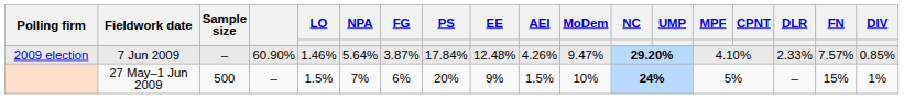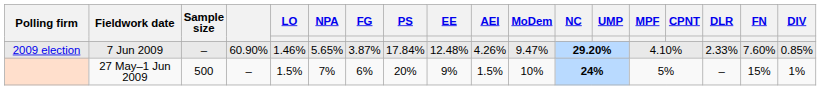 <table class="wikitable sortable" style="text-align:center;font-size:90%;line-height:14px;">
 <tr style="height:40px;">
 <th style="width:100px;" rowspan="2">Polling firm</th>
 <th style="width:110px;" rowspan="2">Fieldwork date</th>
 <th style="width:35px;" rowspan="2">Sample<br>size</th>
 <th style="width:30px;" rowspan="2"></th>
 <th class="unsortable" style="width:40px;"><a href='#'>LO</a></th>
 <th class="unsortable" style="width:40px;"><a href='#'>NPA</a></th>
 <th class="unsortable" style="width:40px;"><a href='#'>FG</a></th>
 <th class="unsortable" style="width:40px;"><a href='#'>PS</a></th>
 <th class="unsortable" style="width:40px;"><a href='#'>EE</a></th>
 <th class="unsortable" style="width:40px;"><a href='#'>AEI</a></th>
 <th class="unsortable" style="width:40px;"><a href='#'>MoDem</a></th>
 <th class="unsortable" style="width:40px;"><a href='#'>NC</a></th>
 <th class="unsortable" style="width:40px;"><a href='#'>UMP</a></th>
 <th class="unsortable" style="width:40px;"><a href='#'>MPF</a></th>
 <th class="unsortable" style="width:40px;"><a href='#'>CPNT</a></th>
 <th class="unsortable" style="width:40px;"><a href='#'>DLR</a></th>
 <th class="unsortable" style="width:40px;"><a href='#'>FN</a></th>
 <th class="unsortable" style="width:40px;"><a href='#'>DIV</a></th>
 </tr>
 <tr>
 <th style="background:"></th>
 <th style="background:"></th>
 <th style="background:"></th>
 <th style="background:"></th>
 <th style="background:"></th>
 <th style="background:"></th>
 <th style="background:"></th>
 <th style="background:"></th>
 <th style="background:"></th>
 <th style="background:"></th>
 <th style="background:"></th>
 <th style="background:"></th>
 <th style="background:"></th>
 <th style="background:"></th>
 </tr>
 <tr style="background:#E9E9E9;">
 <td><a href='#'>2009 election</a></td>
 <td data-sort-value="2009-06-07">7 Jun 2009</td>
 <td>–</td>
 <td>60.90%</td>
 <td>1.46%</td>
-<td>5.64%</td>
+<td>5.65%</td>
 <td>3.87%</td>
 <td>17.84%</td>
 <td>12.48%</td>
 <td>4.26%</td>
 <td>9.47%</td>
 <td style="background:#B9DAFF;" colspan="2"><strong>29.20%</strong></td>
 <td colspan="2">4.10%</td>
 <td>2.33%</td>
-<td>7.57%</td>
+<td>7.60%</td>
 <td>0.85%</td>
 </tr>
 <tr>
 <td style="background:#FFDFCC;"></td>
 <td data-sort-value="2009-06-01">27 May–1 Jun 2009</td>
 <td>500</td>
 <td>–</td>
 <td>1.5%</td>
 <td>7%</td>
 <td>6%</td>
 <td>20%</td>
 <td>9%</td>
 <td>1.5%</td>
 <td>10%</td>
 <td style="background:#B9DAFF;" colspan="2"><strong>24%</strong></td>
 <td colspan="2">5%</td>
 <td>–</td>
 <td>15%</td>
 <td>1%</td>
 </tr>
 </table>
